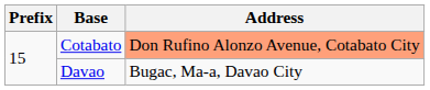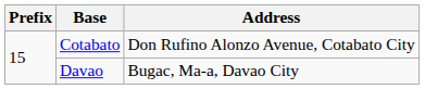 <table class="wikitable">
 <tr>
 <th>Prefix</th>
 <th>Base</th>
 <th>Address</th>
 </tr>
 <tr>
 <td rowspan="2">15</td>
 <td><a href='#'>Cotabato</a></td>
-<td style="background: lightsalmon;">Don Rufino Alonzo Avenue, Cotabato City</td>
+<td>Don Rufino Alonzo Avenue, Cotabato City</td>
 </tr>
 <tr>
 <td><a href='#'>Davao</a></td>
 <td>Bugac, Ma-a, Davao City</td>
 </tr>
 </table>
